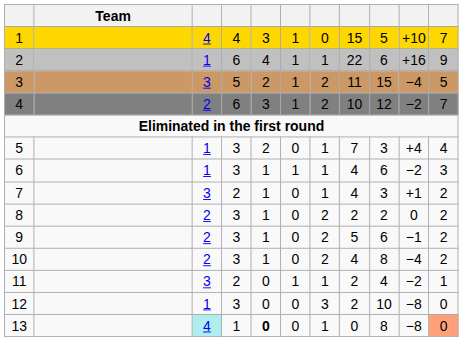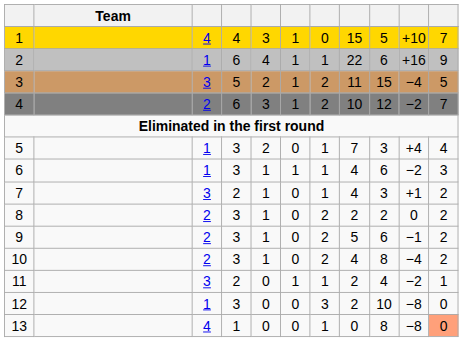 <table class="wikitable" style="font-size: 95%; text-align: center;">
 <tr>
 <th width=25></th>
 <th width=165>Team</th>
 <th width=25></th>
 <th width=25></th>
 <th width=25></th>
 <th width=25></th>
 <th width=25></th>
 <th width=25></th>
 <th width=25></th>
 <th width=25></th>
 <th width=25></th>
 </tr>
 <tr>
 </tr>
 <tr style="background:gold;">
 <td>1</td>
 <td style="text-align:left;"></td>
 <td><a href='#'>4</a></td>
 <td>4</td>
 <td>3</td>
 <td>1</td>
 <td>0</td>
 <td>15</td>
 <td>5</td>
 <td>+10</td>
 <td>7</td>
 </tr>
 <tr style="background:silver;">
 <td>2</td>
 <td style="text-align:left;"></td>
 <td><a href='#'>1</a></td>
 <td>6</td>
 <td>4</td>
 <td>1</td>
 <td>1</td>
 <td>22</td>
 <td>6</td>
 <td>+16</td>
 <td>9</td>
 </tr>
 <tr style="background:#c96;">
 <td>3</td>
 <td style="text-align:left;"></td>
 <td><a href='#'>3</a></td>
 <td>5</td>
 <td>2</td>
 <td>1</td>
 <td>2</td>
 <td>11</td>
 <td>15</td>
 <td>−4</td>
 <td>5</td>
 </tr>
 <tr style="background:gray;">
 <td>4</td>
 <td style="text-align:left;"></td>
 <td><a href='#'>2</a></td>
 <td>6</td>
 <td>3</td>
 <td>1</td>
 <td>2</td>
 <td>10</td>
 <td>12</td>
 <td>−2</td>
 <td>7</td>
 </tr>
 <tr>
 <td colspan="11"><strong>Eliminated in the first round</strong></td>
 </tr>
 <tr>
 <td>5</td>
 <td style="text-align:left;"></td>
 <td><a href='#'>1</a></td>
 <td>3</td>
 <td>2</td>
 <td>0</td>
 <td>1</td>
 <td>7</td>
 <td>3</td>
 <td>+4</td>
 <td>4</td>
 </tr>
 <tr>
 <td>6</td>
 <td style="text-align:left;"></td>
 <td><a href='#'>1</a></td>
 <td>3</td>
 <td>1</td>
 <td>1</td>
 <td>1</td>
 <td>4</td>
 <td>6</td>
 <td>−2</td>
 <td>3</td>
 </tr>
 <tr>
 <td>7</td>
 <td style="text-align:left;"></td>
 <td><a href='#'>3</a></td>
 <td>2</td>
 <td>1</td>
 <td>0</td>
 <td>1</td>
 <td>4</td>
 <td>3</td>
 <td>+1</td>
 <td>2</td>
 </tr>
 <tr>
 <td>8</td>
 <td style="text-align:left;"></td>
 <td><a href='#'>2</a></td>
 <td>3</td>
 <td>1</td>
 <td>0</td>
 <td>2</td>
 <td>2</td>
 <td>2</td>
 <td>0</td>
 <td>2</td>
 </tr>
 <tr>
 <td>9</td>
 <td style="text-align:left;"></td>
 <td><a href='#'>2</a></td>
 <td>3</td>
 <td>1</td>
 <td>0</td>
 <td>2</td>
 <td>5</td>
 <td>6</td>
 <td>−1</td>
 <td>2</td>
 </tr>
 <tr>
 <td>10</td>
 <td style="text-align:left;"></td>
 <td><a href='#'>2</a></td>
 <td>3</td>
 <td>1</td>
 <td>0</td>
 <td>2</td>
 <td>4</td>
 <td>8</td>
 <td>−4</td>
 <td>2</td>
 </tr>
 <tr>
 <td>11</td>
 <td style="text-align:left;"></td>
 <td><a href='#'>3</a></td>
 <td>2</td>
 <td>0</td>
 <td>1</td>
 <td>1</td>
 <td>2</td>
 <td>4</td>
 <td>−2</td>
 <td>1</td>
 </tr>
 <tr>
 <td>12</td>
 <td style="text-align:left;"></td>
 <td><a href='#'>1</a></td>
 <td>3</td>
 <td>0</td>
 <td>0</td>
 <td>3</td>
 <td>2</td>
 <td>10</td>
 <td>−8</td>
 <td>0</td>
 </tr>
 <tr>
 <td>13</td>
 <td style="text-align:left;"></td>
-<td style="background: paleturquoise;"><a href='#'>4</a></td>
+<td><a href='#'>4</a></td>
 <td>1</td>
-<td><strong>0</strong></td>
+<td>0</td>
 <td>0</td>
 <td>1</td>
 <td>0</td>
 <td>8</td>
 <td>−8</td>
 <td style="background: lightsalmon;">0</td>
 </tr>
 </table>
